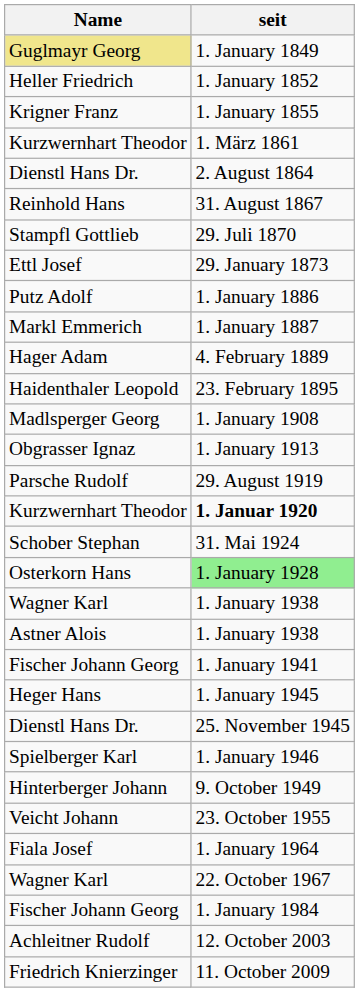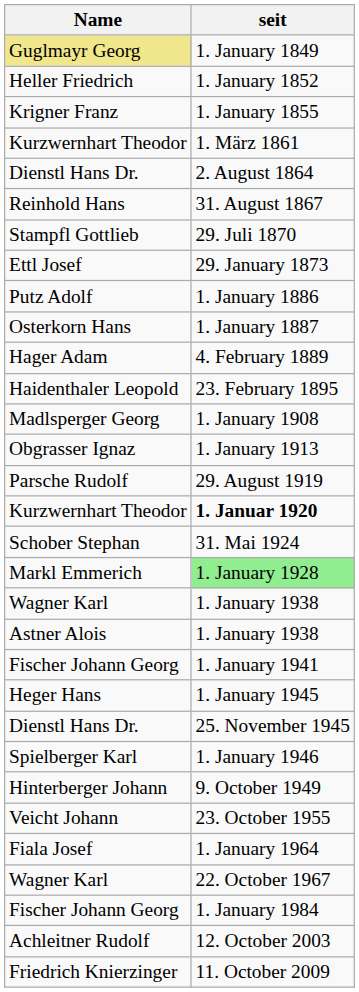 <table class="wikitable">
 <tr>
 <th>Name</th>
 <th>seit</th>
 </tr>
 <tr>
 <td style="background: khaki;">Guglmayr Georg</td>
 <td>1. January 1849</td>
 </tr>
 <tr>
 <td>Heller Friedrich</td>
 <td>1. January 1852</td>
 </tr>
 <tr>
 <td>Krigner Franz</td>
 <td>1. January 1855</td>
 </tr>
 <tr>
 <td>Kurzwernhart Theodor</td>
 <td>1. März 1861</td>
 </tr>
 <tr>
 <td>Dienstl Hans Dr.</td>
 <td>2. August 1864</td>
 </tr>
 <tr>
 <td>Reinhold Hans</td>
 <td>31. August 1867</td>
 </tr>
 <tr>
 <td>Stampfl Gottlieb</td>
 <td>29. Juli 1870</td>
 </tr>
 <tr>
 <td>Ettl Josef</td>
 <td>29. January 1873</td>
 </tr>
 <tr>
 <td>Putz Adolf</td>
 <td>1. January 1886</td>
 </tr>
 <tr>
-<td>Markl Emmerich</td>
+<td>Osterkorn Hans</td>
 <td>1. January 1887</td>
 </tr>
 <tr>
 <td>Hager Adam</td>
 <td>4. February 1889</td>
 </tr>
 <tr>
 <td>Haidenthaler Leopold</td>
 <td>23. February 1895</td>
 </tr>
 <tr>
 <td>Madlsperger Georg</td>
 <td>1. January 1908</td>
 </tr>
 <tr>
 <td>Obgrasser Ignaz</td>
 <td>1. January 1913</td>
 </tr>
 <tr>
 <td>Parsche Rudolf</td>
 <td>29. August 1919</td>
 </tr>
 <tr>
 <td>Kurzwernhart Theodor</td>
 <td><strong>1. Januar 1920</strong></td>
 </tr>
 <tr>
 <td>Schober Stephan</td>
 <td>31. Mai 1924</td>
 </tr>
 <tr>
-<td>Osterkorn Hans</td>
+<td>Markl Emmerich</td>
 <td style="background: lightgreen;">1. January 1928</td>
 </tr>
 <tr>
 <td>Wagner Karl</td>
 <td>1. January 1938</td>
 </tr>
 <tr>
 <td>Astner Alois</td>
 <td>1. January 1938</td>
 </tr>
 <tr>
 <td>Fischer Johann Georg</td>
 <td>1. January 1941</td>
 </tr>
 <tr>
 <td>Heger Hans</td>
 <td>1. January 1945</td>
 </tr>
 <tr>
 <td>Dienstl Hans Dr.</td>
 <td>25. November 1945</td>
 </tr>
 <tr>
 <td>Spielberger Karl</td>
 <td>1. January 1946</td>
 </tr>
 <tr>
 <td>Hinterberger Johann</td>
 <td>9. October 1949</td>
 </tr>
 <tr>
 <td>Veicht Johann</td>
 <td>23. October 1955</td>
 </tr>
 <tr>
 <td>Fiala Josef</td>
 <td>1. January 1964</td>
 </tr>
 <tr>
 <td>Wagner Karl</td>
 <td>22. October 1967</td>
 </tr>
 <tr>
 <td>Fischer Johann Georg</td>
 <td>1. January 1984</td>
 </tr>
 <tr>
 <td>Achleitner Rudolf</td>
 <td>12. October 2003</td>
 </tr>
 <tr>
 <td>Friedrich Knierzinger</td>
 <td>11. October 2009</td>
 </tr>
 </table>
